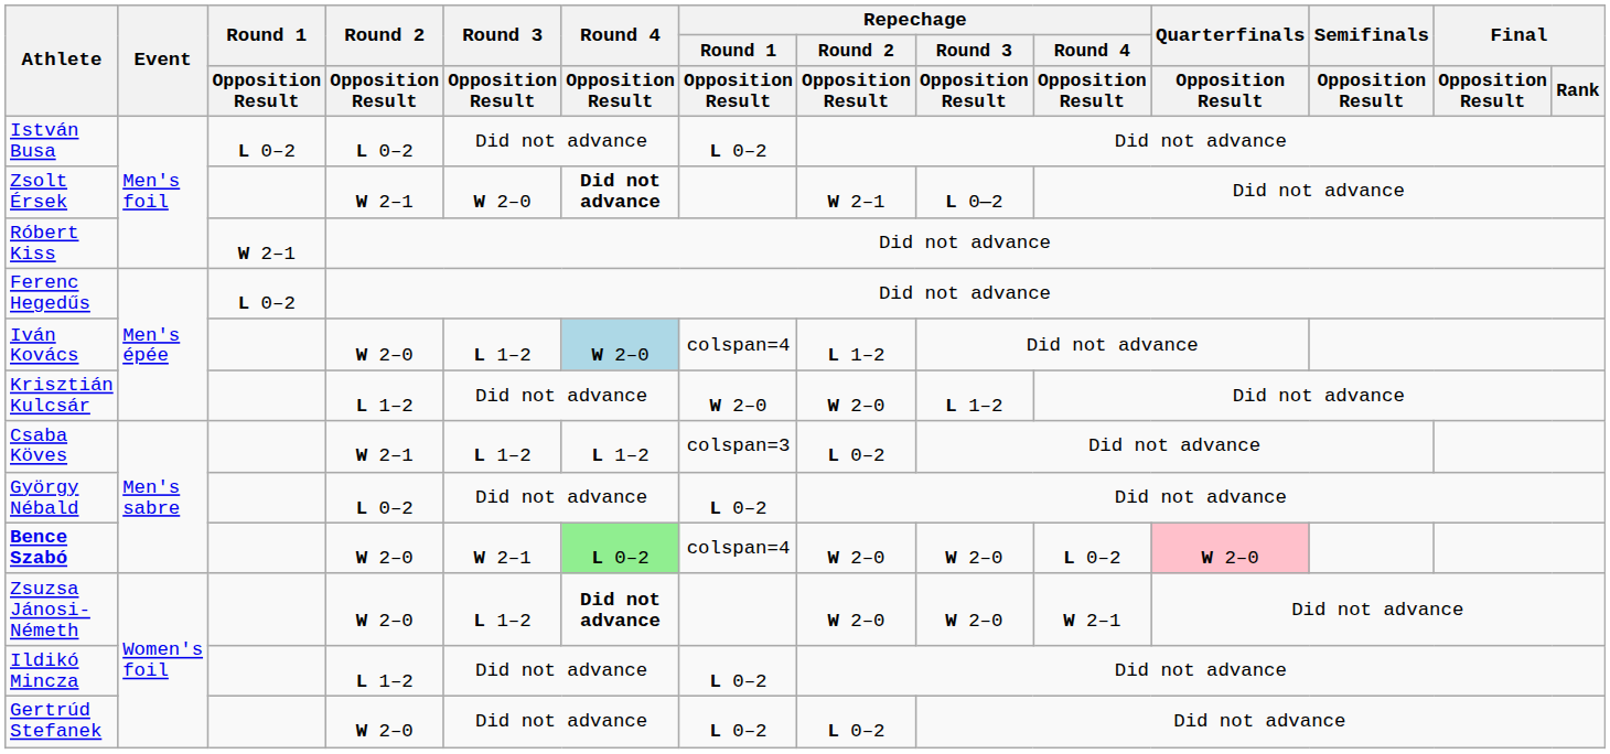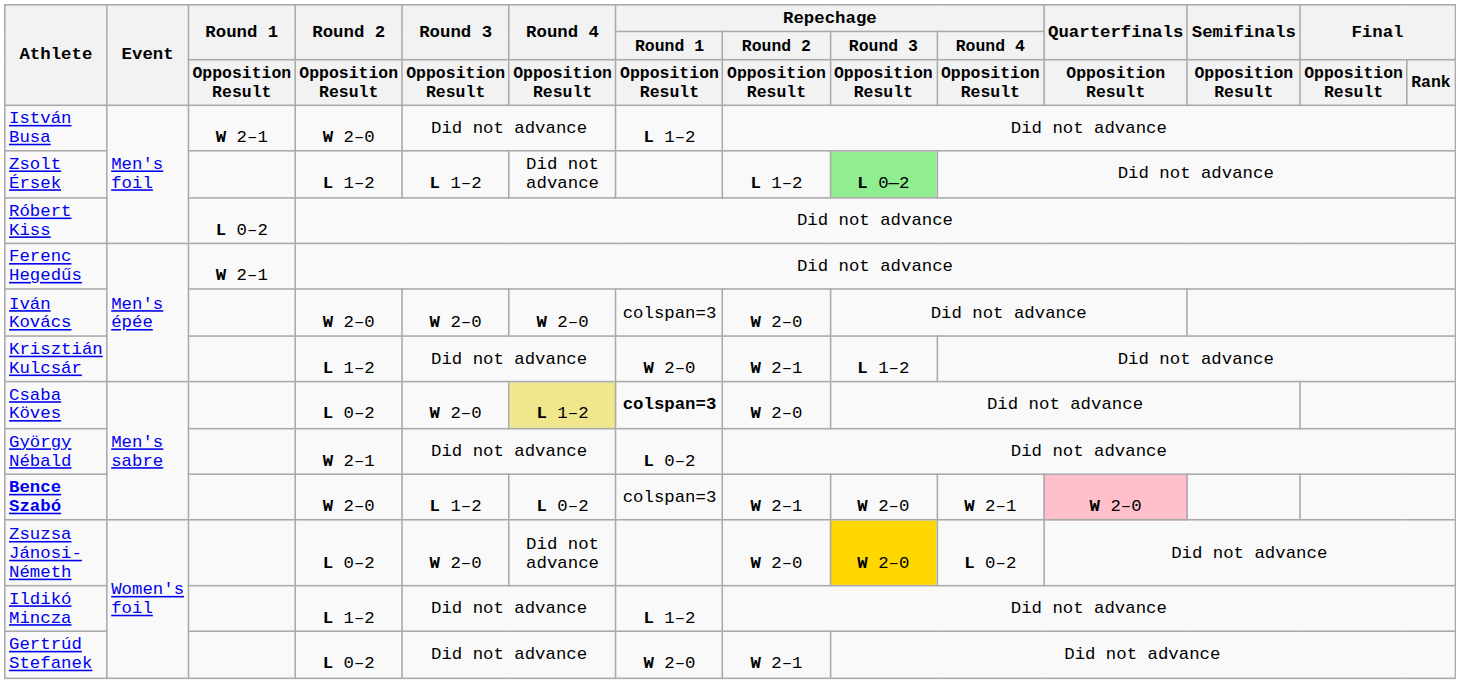 <table class="wikitable" style="font-size:85%">
 <tr>
 <th rowspan="3">Athlete</th>
 <th rowspan="3">Event</th>
 <th rowspan="2">Round 1</th>
 <th rowspan="2">Round 2</th>
 <th rowspan="2">Round 3</th>
 <th rowspan="2">Round 4</th>
 <th colspan=4>Repechage</th>
 <th rowspan="2">Quarterfinals</th>
 <th rowspan="2">Semifinals</th>
 <th rowspan="2" colspan=2>Final</th>
 </tr>
 <tr style="font-size:95%">
 <th>Round 1</th>
 <th>Round 2</th>
 <th>Round 3</th>
 <th>Round 4</th>
 </tr>
 <tr style="font-size:95%">
 <th>Opposition<br>Result</th>
 <th>Opposition<br>Result</th>
 <th>Opposition<br>Result</th>
 <th>Opposition<br>Result</th>
 <th>Opposition<br>Result</th>
 <th>Opposition<br>Result</th>
 <th>Opposition<br>Result</th>
 <th>Opposition<br>Result</th>
 <th>Opposition<br>Result</th>
 <th>Opposition<br>Result</th>
 <th>Opposition<br>Result</th>
 <th>Rank</th>
 </tr>
 <tr align=center>
 <td align=left><a href='#'>István Busa</a></td>
 <td align=left rowspan=3><a href='#'>Men's foil</a></td>
-<td><br><strong>L</strong> 0–2</td>
-<td><br><strong>L</strong> 0–2</td>
+<td><br><strong>W</strong> 2–1</td>
+<td><br><strong>W</strong> 2–0</td>
 <td colspan=2>Did not advance</td>
-<td><br><strong>L</strong> 0–2</td>
+<td><br><strong>L</strong> 1–2</td>
 <td colspan=7>Did not advance</td>
 </tr>
 <tr align=center>
 <td align=left><a href='#'>Zsolt Érsek</a></td>
 <td></td>
-<td><br><strong>W</strong> 2–1</td>
-<td><br><strong>W</strong> 2–0</td>
-<td><strong>Did not advance</strong></td>
+<td><br><strong>L</strong> 1–2</td>
+<td><br><strong>L</strong> 1–2</td>
+<td>Did not advance</td>
 <td></td>
-<td><br><strong>W</strong> 2–1</td>
-<td><br><strong>L</strong> 0—2</td>
+<td><br><strong>L</strong> 1–2</td>
+<td style="background: lightgreen;"><br><strong>L</strong> 0—2</td>
 <td colspan=5>Did not advance</td>
 </tr>
 <tr align=center>
 <td align=left><a href='#'>Róbert Kiss</a></td>
-<td><br><strong>W</strong> 2–1</td>
+<td><br><strong>L</strong> 0–2</td>
 <td colspan=11>Did not advance</td>
 </tr>
 <tr align=center>
 <td align=left><a href='#'>Ferenc Hegedűs</a></td>
 <td align=left rowspan=3><a href='#'>Men's épée</a></td>
-<td><br><strong>L</strong> 0–2</td>
+<td><br><strong>W</strong> 2–1</td>
 <td colspan=11>Did not advance</td>
 </tr>
 <tr align=center>
 <td align=left><a href='#'>Iván Kovács</a></td>
 <td></td>
 <td><br><strong>W</strong> 2–0</td>
-<td><br><strong>L</strong> 1–2</td>
-<td style="background: lightblue;"><br><strong>W</strong> 2–0</td>
-<td>colspan=4</td>
-<td><br><strong>L</strong> 1–2</td>
+<td><br><strong>W</strong> 2–0</td>
+<td><br><strong>W</strong> 2–0</td>
+<td>colspan=3</td>
+<td><br><strong>W</strong> 2–0</td>
 <td colspan=3>Did not advance</td>
 </tr>
 <tr align=center>
 <td align=left><a href='#'>Krisztián Kulcsár</a></td>
 <td></td>
 <td><br><strong>L</strong> 1–2</td>
 <td colspan=2>Did not advance</td>
 <td><br><strong>W</strong> 2–0</td>
-<td><br><strong>W</strong> 2–0</td>
+<td><br><strong>W</strong> 2–1</td>
 <td><br><strong>L</strong> 1–2</td>
 <td colspan=5>Did not advance</td>
 </tr>
 <tr align=center>
 <td align=left><a href='#'>Csaba Köves</a></td>
 <td align=left rowspan=3><a href='#'>Men's sabre</a></td>
 <td></td>
-<td><br><strong>W</strong> 2–1</td>
-<td><br><strong>L</strong> 1–2</td>
-<td><br><strong>L</strong> 1–2</td>
-<td>colspan=3</td>
 <td><br><strong>L</strong> 0–2</td>
+<td><br><strong>W</strong> 2–0</td>
+<td style="background: khaki;"><br><strong>L</strong> 1–2</td>
+<td><strong>colspan=3</strong></td>
+<td><br><strong>W</strong> 2–0</td>
 <td colspan=4>Did not advance</td>
 </tr>
 <tr align=center>
 <td align=left><a href='#'>György Nébald</a></td>
 <td></td>
-<td><br><strong>L</strong> 0–2</td>
+<td><br><strong>W</strong> 2–1</td>
 <td colspan=2>Did not advance</td>
 <td><br><strong>L</strong> 0–2</td>
 <td colspan=7>Did not advance</td>
 </tr>
 <tr align=center>
 <td align=left><strong><a href='#'>Bence Szabó</a></strong></td>
 <td></td>
 <td><br><strong>W</strong> 2–0</td>
+<td><br><strong>L</strong> 1–2</td>
+<td><br><strong>L</strong> 0–2</td>
+<td>colspan=3</td>
 <td><br><strong>W</strong> 2–1</td>
-<td style="background: lightgreen;"><br><strong>L</strong> 0–2</td>
-<td>colspan=4</td>
 <td><br><strong>W</strong> 2–0</td>
-<td><br><strong>W</strong> 2–0</td>
-<td><br><strong>L</strong> 0–2</td>
+<td><br><strong>W</strong> 2–1</td>
 <td style="background: pink;"><br><strong>W</strong> 2–0</td>
 <td></td>
 </tr>
 <tr align=center>
 <td align=left><a href='#'>Zsuzsa Jánosi-Németh</a></td>
 <td align=left rowspan=3><a href='#'>Women's foil</a></td>
 <td></td>
+<td><br><strong>L</strong> 0–2</td>
 <td><br><strong>W</strong> 2–0</td>
-<td><br><strong>L</strong> 1–2</td>
-<td><strong>Did not advance</strong></td>
+<td>Did not advance</td>
 <td></td>
 <td><br><strong>W</strong> 2–0</td>
-<td><br><strong>W</strong> 2–0</td>
-<td><br><strong>W</strong> 2–1</td>
+<td style="background: gold;"><br><strong>W</strong> 2–0</td>
+<td><br><strong>L</strong> 0–2</td>
 <td colspan=4>Did not advance</td>
 </tr>
 <tr align=center>
 <td align=left><a href='#'>Ildikó Mincza</a></td>
 <td></td>
 <td><br><strong>L</strong> 1–2</td>
 <td colspan=2>Did not advance</td>
-<td><br><strong>L</strong> 0–2</td>
+<td><br><strong>L</strong> 1–2</td>
 <td colspan=7>Did not advance</td>
 </tr>
 <tr align=center>
 <td align=left><a href='#'>Gertrúd Stefanek</a></td>
 <td></td>
+<td><br><strong>L</strong> 0–2</td>
+<td colspan=2>Did not advance</td>
 <td><br><strong>W</strong> 2–0</td>
-<td colspan=2>Did not advance</td>
-<td><br><strong>L</strong> 0–2</td>
-<td><br><strong>L</strong> 0–2</td>
+<td><br><strong>W</strong> 2–1</td>
 <td colspan=6>Did not advance</td>
 </tr>
 </table>
